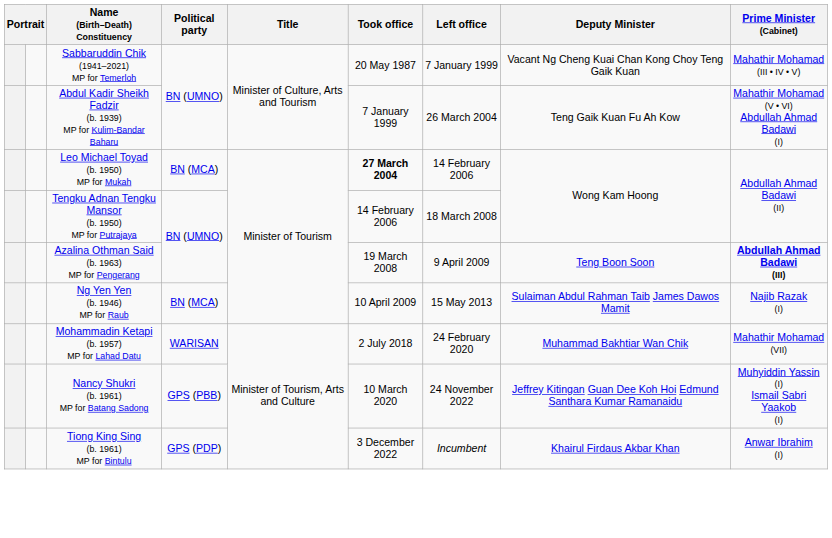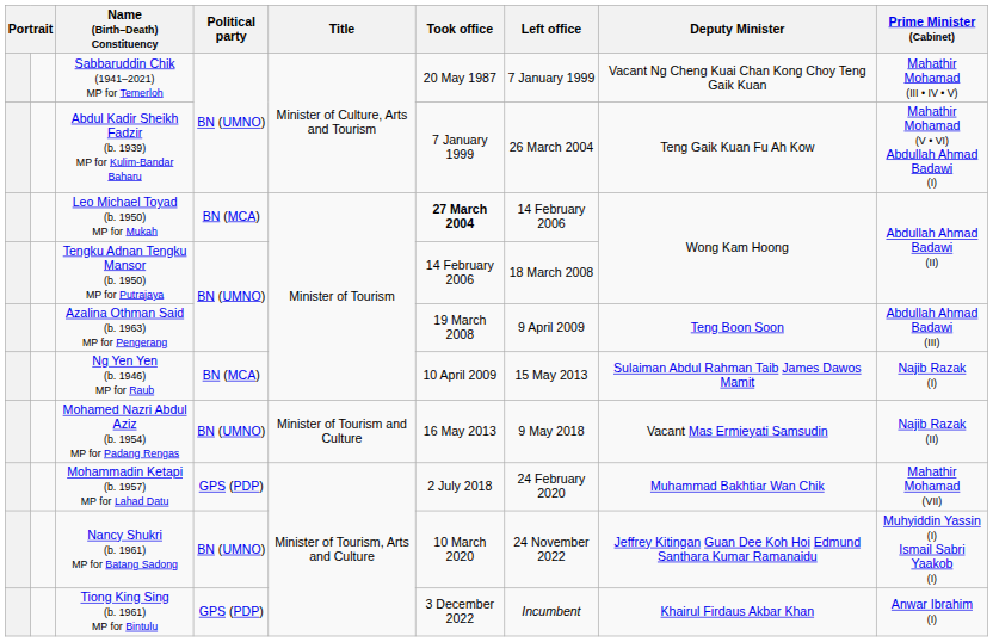 <table class="wikitable" style="text-align:center;">
 <tr>
 <th colspan=2>Portrait</th>
 <th>Name<br><small>(Birth–Death)<br>Constituency</small></th>
 <th>Political party</th>
 <th>Title</th>
 <th>Took office</th>
 <th>Left office</th>
 <th>Deputy Minister</th>
 <th><a href='#'>Prime Minister</a><br><small>(Cabinet)</small></th>
 </tr>
 <tr>
 <th style="background:"></th>
 <td></td>
 <td><a href='#'>Sabbaruddin Chik</a><br><small>(1941–2021)<br>MP for <a href='#'>Temerloh</a></small></td>
 <td rowspan=2><a href='#'>BN</a> (<a href='#'>UMNO</a>)</td>
 <td rowspan=2>Minister of Culture, Arts and Tourism</td>
 <td>20 May 1987</td>
 <td>7 January 1999</td>
 <td>Vacant  Ng Cheng Kuai Chan Kong Choy Teng Gaik Kuan</td>
 <td><a href='#'>Mahathir Mohamad</a><br><small>(III • IV • V)</small></td>
 </tr>
 <tr>
 <th style="background:"></th>
 <td></td>
 <td><a href='#'>Abdul Kadir Sheikh Fadzir</a><br><small>(b. 1939)<br>MP for <a href='#'>Kulim-Bandar Baharu</a></small></td>
 <td>7 January 1999</td>
 <td>26 March 2004</td>
 <td>Teng Gaik Kuan Fu Ah Kow </td>
 <td><a href='#'>Mahathir Mohamad</a><br><small>(V • VI)</small><br><a href='#'>Abdullah Ahmad Badawi</a><br><small>(I)</small></td>
 </tr>
 <tr>
 <th style="background:"></th>
 <td></td>
 <td><a href='#'>Leo Michael Toyad</a><br><small>(b. 1950)<br>MP for <a href='#'>Mukah</a></small></td>
 <td><a href='#'>BN</a> (<a href='#'>MCA</a>)</td>
 <td rowspan=4>Minister of Tourism</td>
 <td><strong>27 March 2004</strong></td>
 <td>14 February 2006</td>
 <td rowspan="2">Wong Kam Hoong</td>
 <td rowspan="2"><a href='#'>Abdullah Ahmad Badawi</a><br><small>(II)</small></td>
 </tr>
 <tr>
 <th style="background:"></th>
 <td></td>
 <td><a href='#'>Tengku Adnan Tengku Mansor</a><br><small>(b. 1950)<br>MP for <a href='#'>Putrajaya</a></small></td>
 <td rowspan=2><a href='#'>BN</a> (<a href='#'>UMNO</a>)</td>
 <td>14 February 2006</td>
 <td>18 March 2008</td>
 </tr>
 <tr>
 <th style="background:"></th>
 <td></td>
 <td><a href='#'>Azalina Othman Said</a><br><small>(b. 1963)<br>MP for <a href='#'>Pengerang</a></small></td>
 <td>19 March 2008</td>
 <td>9 April 2009</td>
 <td><a href='#'>Teng Boon Soon</a></td>
-<td><strong><a href='#'>Abdullah Ahmad Badawi</a><br><small>(III)</small></strong></td>
+<td><a href='#'>Abdullah Ahmad Badawi</a><br><small>(III)</small></td>
 </tr>
 <tr>
 <th style="background:"></th>
 <td></td>
 <td><a href='#'>Ng Yen Yen</a><br><small>(b. 1946)<br>MP for <a href='#'>Raub</a></small></td>
 <td><a href='#'>BN</a> (<a href='#'>MCA</a>)</td>
 <td>10 April 2009</td>
 <td>15 May 2013</td>
 <td><a href='#'>Sulaiman Abdul Rahman Taib</a> <a href='#'>James Dawos Mamit</a> </td>
 <td><a href='#'>Najib Razak</a><br><small>(I)</small></td>
 </tr>
 <tr>
 <th style="background:"></th>
 <td></td>
+<td><a href='#'>Mohamed Nazri Abdul Aziz</a><br><small>(b. 1954)<br>MP for <a href='#'>Padang Rengas</a></small></td>
+<td><a href='#'>BN</a> (<a href='#'>UMNO</a>)</td>
+<td>Minister of Tourism and Culture</td>
+<td>16 May 2013</td>
+<td>9 May 2018</td>
+<td>Vacant  <a href='#'>Mas Ermieyati Samsudin</a></td>
+<td><a href='#'>Najib Razak</a><br><small>(II)</small></td>
+</tr>
+<tr>
+<th style="background:"></th>
+<td></td>
 <td><a href='#'>Mohammadin Ketapi</a><br><small>(b. 1957)<br>MP for <a href='#'>Lahad Datu</a></small></td>
-<td><a href='#'>WARISAN</a></td>
+<td><a href='#'>GPS</a> (<a href='#'>PDP</a>)</td>
 <td rowspan=3>Minister of Tourism, Arts and Culture</td>
 <td>2 July 2018</td>
 <td>24 February 2020</td>
 <td><a href='#'>Muhammad Bakhtiar Wan Chik</a></td>
 <td><a href='#'>Mahathir Mohamad</a><br><small>(VII)</small></td>
 </tr>
 <tr>
 <th style="background:"></th>
 <td></td>
 <td><a href='#'>Nancy Shukri</a><br><small>(b. 1961)<br>MP for <a href='#'>Batang Sadong</a></small></td>
-<td><a href='#'>GPS</a> (<a href='#'>PBB</a>)</td>
+<td><a href='#'>BN</a> (<a href='#'>UMNO</a>)</td>
 <td>10 March 2020</td>
 <td>24 November 2022</td>
 <td><a href='#'>Jeffrey Kitingan</a>  <a href='#'>Guan Dee Koh Hoi</a>   <a href='#'>Edmund Santhara Kumar Ramanaidu</a> </td>
 <td><a href='#'>Muhyiddin Yassin</a><br><small>(I)</small><br><a href='#'>Ismail Sabri Yaakob</a><br><small>(I)</small></td>
 </tr>
 <tr>
 <th style="background:"></th>
 <td></td>
 <td><a href='#'>Tiong King Sing</a><br><small>(b. 1961)<br>MP for <a href='#'>Bintulu</a></small></td>
 <td><a href='#'>GPS</a> (<a href='#'>PDP</a>)</td>
 <td>3 December 2022</td>
 <td><em>Incumbent</em></td>
 <td><a href='#'>Khairul Firdaus Akbar Khan</a></td>
 <td><a href='#'>Anwar Ibrahim</a><br><small>(I)</small></td>
 </tr>
 </table>
